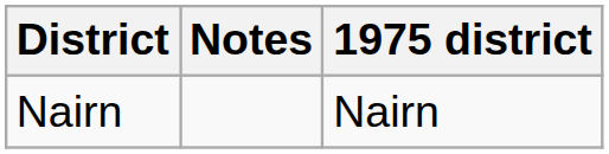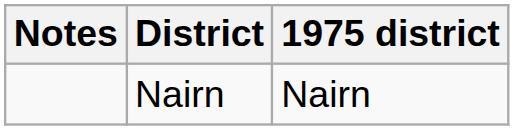 <table class="wikitable">
 <tr>
+<th>Notes</th>
 <th>District</th>
-<th>Notes</th>
 <th>1975 district</th>
 </tr>
 <tr>
+<td></td>
 <td>Nairn</td>
-<td></td>
 <td>Nairn</td>
 </tr>
 </table>
